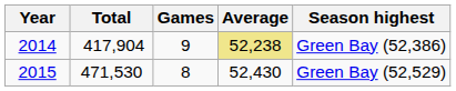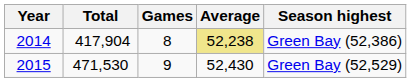 <table class=wikitable style="text-align:center">
 <tr>
 <th>Year</th>
 <th>Total</th>
 <th>Games</th>
 <th>Average</th>
 <th>Season highest</th>
 </tr>
 <tr>
 <td>  <a href='#'>2014</a>  </td>
 <td>   417,904 </td>
-<td>9</td>
+<td>8</td>
 <td style="background: khaki;">52,238</td>
 <td align=right><a href='#'>Green Bay</a> (52,386)</td>
 </tr>
 <tr>
 <td>  <a href='#'>2015</a>  </td>
 <td> 471,530 </td>
-<td>8</td>
+<td>9</td>
 <td>52,430</td>
 <td align=right><a href='#'>Green Bay</a> (52,529)</td>
 </tr>
 </table>
